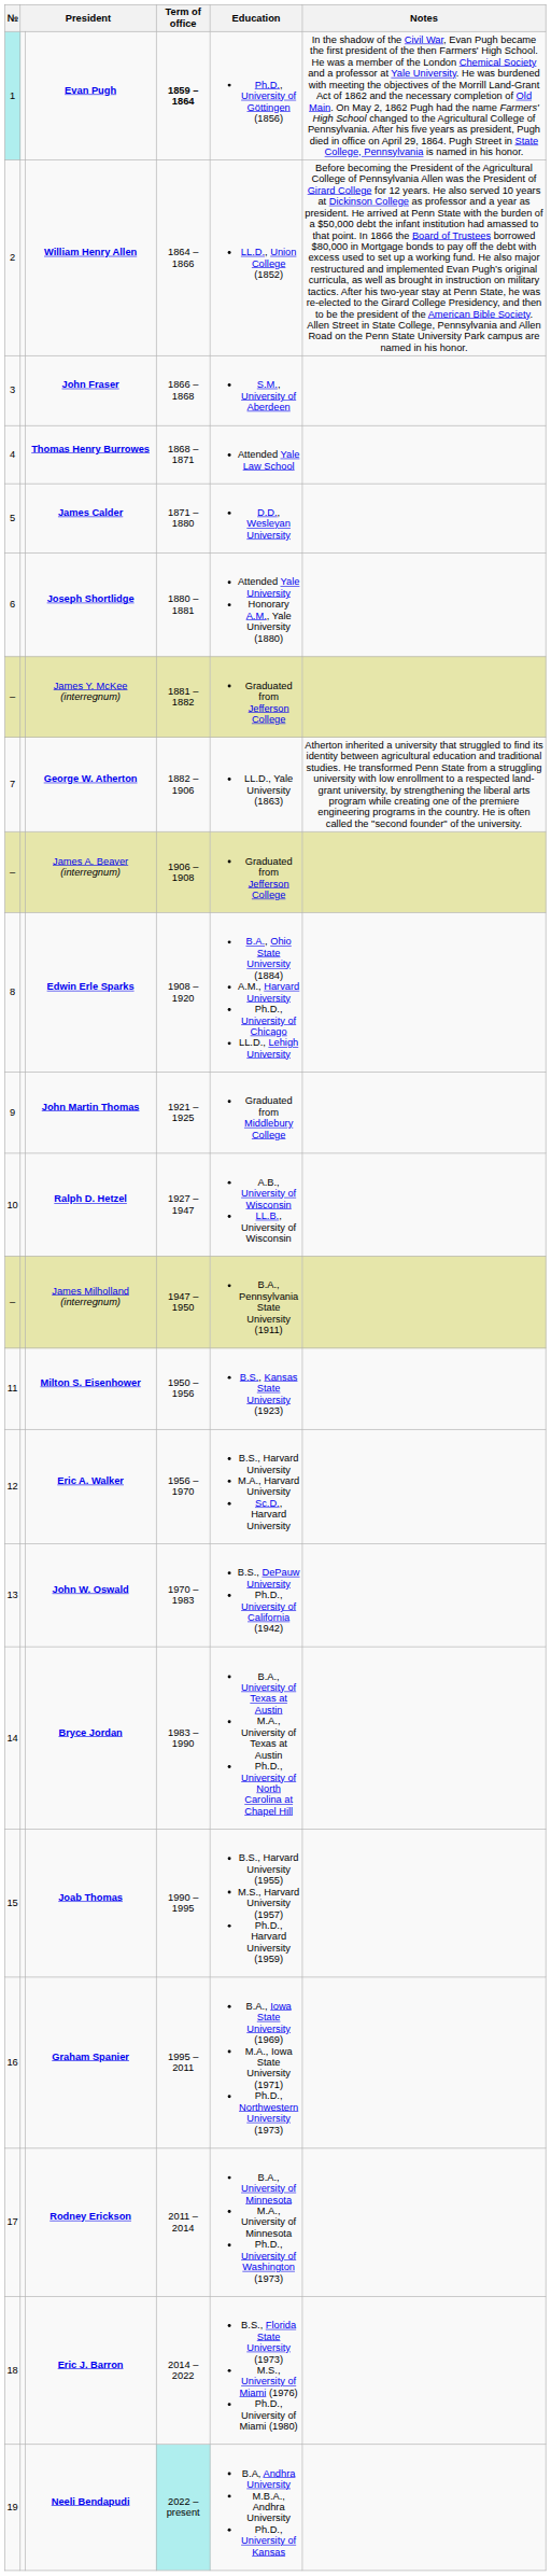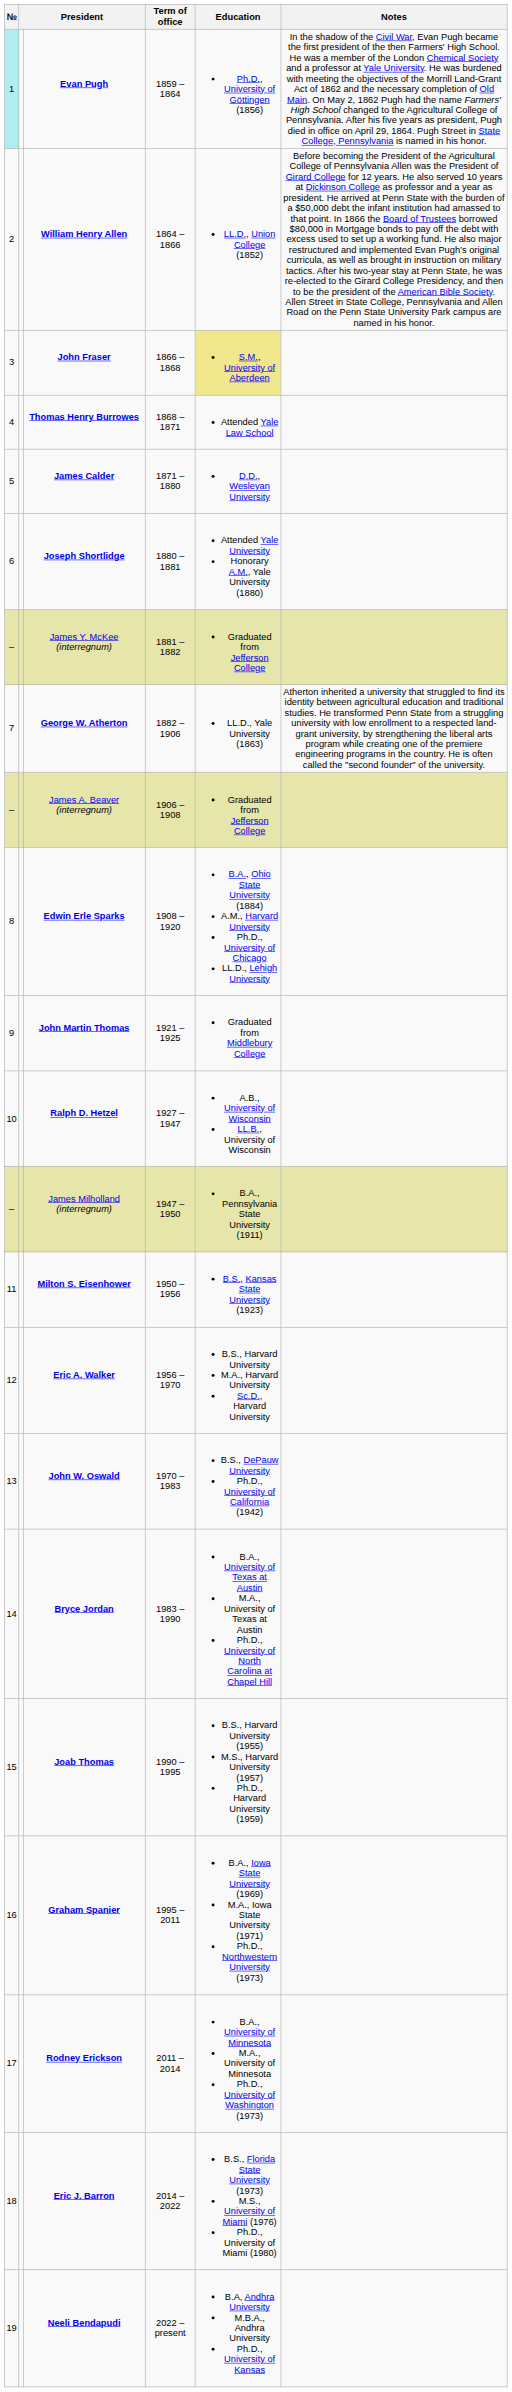 <table class="wikitable" style="text-align: center;">
 <tr>
 <th>№</th>
 <th colspan="2" style="width: 25%;">President</th>
 <th style="width: 10%;">Term of office</th>
 <th style="width: 17%;">Education</th>
 <th>Notes</th>
 </tr>
 <tr>
 <td style="background: paleturquoise;">1</td>
 <td></td>
 <td><strong><a href='#'>Evan Pugh</a></strong><br><br></td>
-<td><strong>1859 – 1864<br></strong></td>
+<td>1859 – 1864<br></td>
 <td><br><ul><li><a href='#'>Ph.D.</a>, <a href='#'>University of Göttingen</a> (1856)</li></ul></td>
 <td>In the shadow of the <a href='#'>Civil War</a>, Evan Pugh became the first president of the then Farmers' High School. He was a member of the London <a href='#'>Chemical Society</a> and a professor at <a href='#'>Yale University</a>. He was burdened with meeting the objectives of the Morrill Land-Grant Act of 1862 and the necessary completion of <a href='#'>Old Main</a>. On May 2, 1862 Pugh had the name <em>Farmers' High School</em> changed to the Agricultural College of Pennsylvania. After his five years as president, Pugh died in office on April 29, 1864. Pugh Street in <a href='#'>State College, Pennsylvania</a> is named in his honor.</td>
 </tr>
 <tr>
 <td>2</td>
 <td></td>
 <td><strong><a href='#'>William Henry Allen</a></strong><br><br></td>
 <td>1864 – 1866<br></td>
 <td><br><ul><li><a href='#'>LL.D.</a>, <a href='#'>Union College</a> (1852)</li></ul></td>
 <td>Before becoming the President of the Agricultural College of Pennsylvania Allen was the President of <a href='#'>Girard College</a> for 12 years. He also served 10 years at <a href='#'>Dickinson College</a> as professor and a year as president. He arrived at Penn State with the burden of a $50,000 debt the infant institution had amassed to that point. In 1866 the <a href='#'>Board of Trustees</a> borrowed $80,000 in Mortgage bonds to pay off the debt with excess used to set up a working fund. He also major restructured and implemented Evan Pugh’s original curricula, as well as brought in instruction on military tactics. After his two-year stay at Penn State, he was re-elected to the Girard College Presidency, and then to be the president of the <a href='#'>American Bible Society</a>. Allen Street in State College, Pennsylvania and Allen Road on the Penn State University Park campus are named in his honor.</td>
 </tr>
 <tr>
 <td>3</td>
 <td></td>
 <td><strong><a href='#'>John Fraser</a></strong><br><br></td>
 <td>1866 – 1868<br></td>
-<td><br><ul><li><a href='#'>S.M.</a>, <a href='#'>University of Aberdeen</a></li></ul></td>
+<td style="background: khaki;"><br><ul><li><a href='#'>S.M.</a>, <a href='#'>University of Aberdeen</a></li></ul></td>
 <td></td>
 </tr>
 <tr>
 <td>4</td>
 <td></td>
 <td><strong><a href='#'>Thomas Henry Burrowes</a></strong><br><br></td>
 <td>1868 – 1871<br></td>
 <td><br><ul><li>Attended <a href='#'>Yale Law School</a></li></ul></td>
 <td></td>
 </tr>
 <tr>
 <td>5</td>
 <td></td>
 <td><strong><a href='#'>James Calder</a></strong><br><br></td>
 <td>1871 – 1880<br></td>
 <td><br><ul><li><a href='#'>D.D.</a>, <a href='#'>Wesleyan University</a></li></ul></td>
 <td></td>
 </tr>
 <tr>
 <td>6</td>
 <td></td>
 <td><strong><a href='#'>Joseph Shortlidge</a></strong><br><br></td>
 <td>1880 – 1881<br></td>
 <td><br><ul><li>Attended <a href='#'>Yale University</a></li><li>Honorary <a href='#'>A.M.</a>, Yale University (1880)</li></ul></td>
 <td></td>
 </tr>
 <tr bgcolor="#e6e6aa">
 <td>–</td>
 <td></td>
 <td><a href='#'>James Y. McKee</a> <em>(interregnum)</em><br><br></td>
 <td>1881 – 1882<br></td>
 <td><br><ul><li>Graduated from <a href='#'>Jefferson College</a></li></ul></td>
 <td></td>
 </tr>
 <tr>
 <td>7</td>
 <td></td>
 <td><strong><a href='#'>George W. Atherton</a></strong><br><br></td>
 <td>1882 – 1906<br></td>
 <td><br><ul><li>LL.D., Yale University (1863)</li></ul></td>
 <td>Atherton inherited a university that struggled to find its identity between agricultural education and traditional studies.  He transformed Penn State from a struggling university with low enrollment to a respected land-grant university, by strengthening the liberal arts program while creating one of the premiere engineering programs in the country.  He is often called the "second founder" of the university.</td>
 </tr>
 <tr bgcolor="#e6e6aa">
 <td>–</td>
 <td></td>
 <td><a href='#'>James A. Beaver</a> <em>(interregnum)</em><br><br></td>
 <td>1906 – 1908<br></td>
 <td><br><ul><li>Graduated from <a href='#'>Jefferson College</a></li></ul></td>
 <td></td>
 </tr>
 <tr>
 <td>8</td>
 <td></td>
 <td><strong><a href='#'>Edwin Erle Sparks</a></strong><br><br></td>
 <td>1908 – 1920<br></td>
 <td><br><ul><li><a href='#'>B.A.</a>, <a href='#'>Ohio State University</a> (1884)</li><li>A.M., <a href='#'>Harvard University</a></li><li>Ph.D., <a href='#'>University of Chicago</a></li><li>LL.D., <a href='#'>Lehigh University</a></li></ul></td>
 <td></td>
 </tr>
 <tr>
 <td>9</td>
 <td></td>
 <td><strong><a href='#'>John Martin Thomas</a></strong><br><br></td>
 <td>1921 – 1925<br></td>
 <td><br><ul><li>Graduated from <a href='#'>Middlebury College</a></li></ul></td>
 <td></td>
 </tr>
 <tr>
 <td>10</td>
 <td></td>
 <td><strong><a href='#'>Ralph D. Hetzel</a></strong><br><br></td>
 <td>1927 – 1947<br></td>
 <td><br><ul><li>A.B., <a href='#'>University of Wisconsin</a></li><li><a href='#'>LL.B.</a>, University of Wisconsin</li></ul></td>
 <td></td>
 </tr>
 <tr bgcolor="#e6e6aa">
 <td>–</td>
 <td></td>
 <td><a href='#'>James Milholland</a> <em>(interregnum)</em><br><br></td>
 <td>1947 – 1950<br></td>
 <td><br><ul><li>B.A., Pennsylvania State University (1911)</li></ul></td>
 <td></td>
 </tr>
 <tr>
 <td>11</td>
 <td></td>
 <td><strong><a href='#'>Milton S. Eisenhower</a></strong><br><br></td>
 <td>1950 – 1956<br></td>
 <td><br><ul><li><a href='#'>B.S.</a>, <a href='#'>Kansas State University</a> (1923)</li></ul></td>
 <td></td>
 </tr>
 <tr>
 <td>12</td>
 <td></td>
 <td><strong><a href='#'>Eric A. Walker</a></strong><br><br></td>
 <td>1956 – 1970<br></td>
 <td><br><ul><li>B.S., Harvard University</li><li>M.A., Harvard University</li><li><a href='#'>Sc.D.</a>, Harvard University</li></ul></td>
 <td></td>
 </tr>
 <tr>
 <td>13</td>
 <td></td>
 <td><strong><a href='#'>John W. Oswald</a></strong><br><br></td>
 <td>1970 – 1983<br></td>
 <td><br><ul><li>B.S., <a href='#'>DePauw University</a></li><li>Ph.D., <a href='#'>University of California</a> (1942)</li></ul></td>
 <td></td>
 </tr>
 <tr>
 <td>14</td>
 <td></td>
 <td><strong><a href='#'>Bryce Jordan</a></strong><br><br></td>
 <td>1983 – 1990<br></td>
 <td><br><ul><li>B.A., <a href='#'>University of Texas at Austin</a></li><li>M.A., University of Texas at Austin</li><li>Ph.D., <a href='#'>University of North Carolina at Chapel Hill</a></li></ul></td>
 <td></td>
 </tr>
 <tr>
 <td>15</td>
 <td></td>
 <td><strong><a href='#'>Joab Thomas</a></strong><br><br></td>
 <td>1990 – 1995<br></td>
 <td><br><ul><li>B.S., Harvard University (1955)</li><li>M.S., Harvard University (1957)</li><li>Ph.D., Harvard University (1959)</li></ul></td>
 <td></td>
 </tr>
 <tr>
 <td>16</td>
 <td></td>
 <td><strong><a href='#'>Graham Spanier</a></strong><br><br></td>
 <td>1995 – 2011<br></td>
 <td><br><ul><li>B.A., <a href='#'>Iowa State University</a> (1969)</li><li>M.A., Iowa State University (1971)</li><li>Ph.D., <a href='#'>Northwestern University</a> (1973)</li></ul></td>
 <td></td>
 </tr>
 <tr>
 <td>17</td>
 <td></td>
 <td><strong><a href='#'>Rodney Erickson</a></strong><br><br></td>
 <td>2011 – 2014<br></td>
 <td><br><ul><li>B.A., <a href='#'>University of Minnesota</a></li><li>M.A., University of Minnesota</li><li>Ph.D., <a href='#'>University of Washington</a> (1973)</li></ul></td>
 <td></td>
 </tr>
 <tr>
 <td>18</td>
 <td></td>
 <td><strong><a href='#'>Eric J. Barron</a></strong><br><br></td>
 <td>2014 – 2022<br></td>
 <td><br><ul><li>B.S., <a href='#'>Florida State University</a> (1973)</li><li>M.S., <a href='#'>University of Miami</a> (1976)</li><li>Ph.D., University of Miami (1980)</li></ul></td>
 <td></td>
 </tr>
 <tr>
 <td>19</td>
 <td></td>
 <td><strong><a href='#'>Neeli Bendapudi</a></strong><br><br></td>
-<td style="background: paleturquoise;">2022 – present</td>
+<td>2022 – present</td>
 <td><br><ul><li>B.A, <a href='#'>Andhra University</a></li><li>M.B.A., Andhra University</li><li>Ph.D., <a href='#'>University of Kansas</a></li></ul></td>
 <td></td>
 </tr>
 </table>
